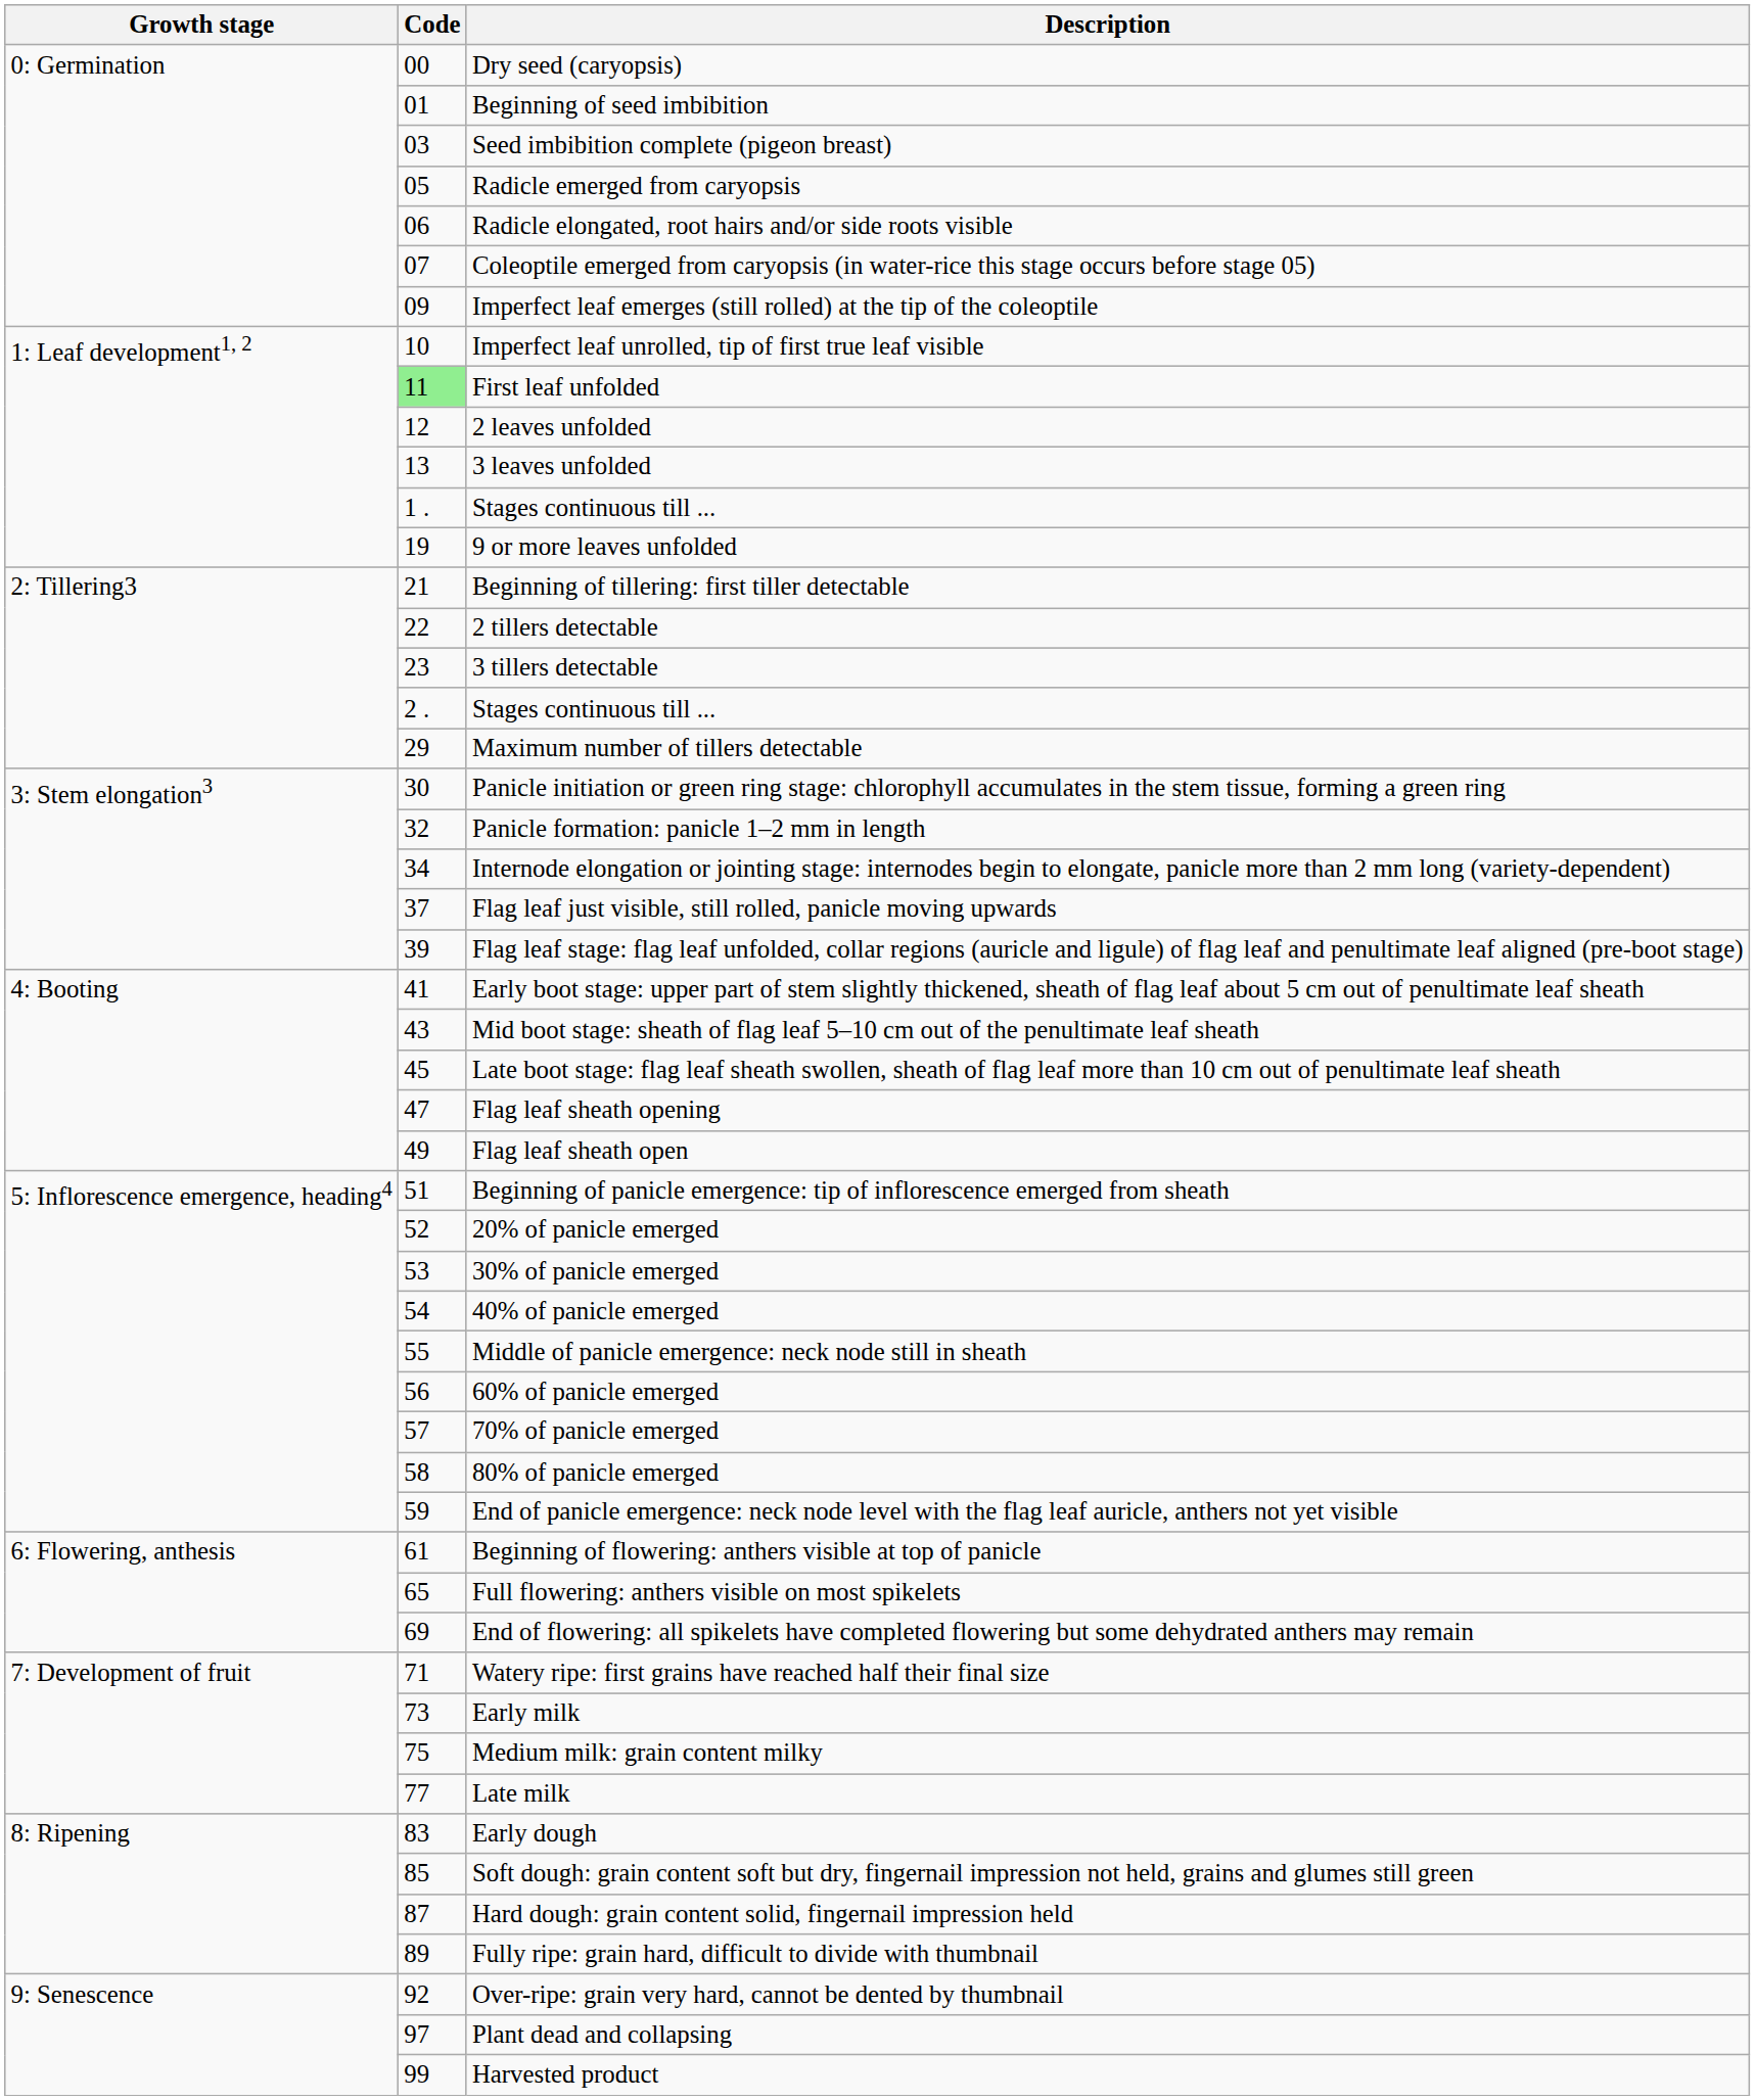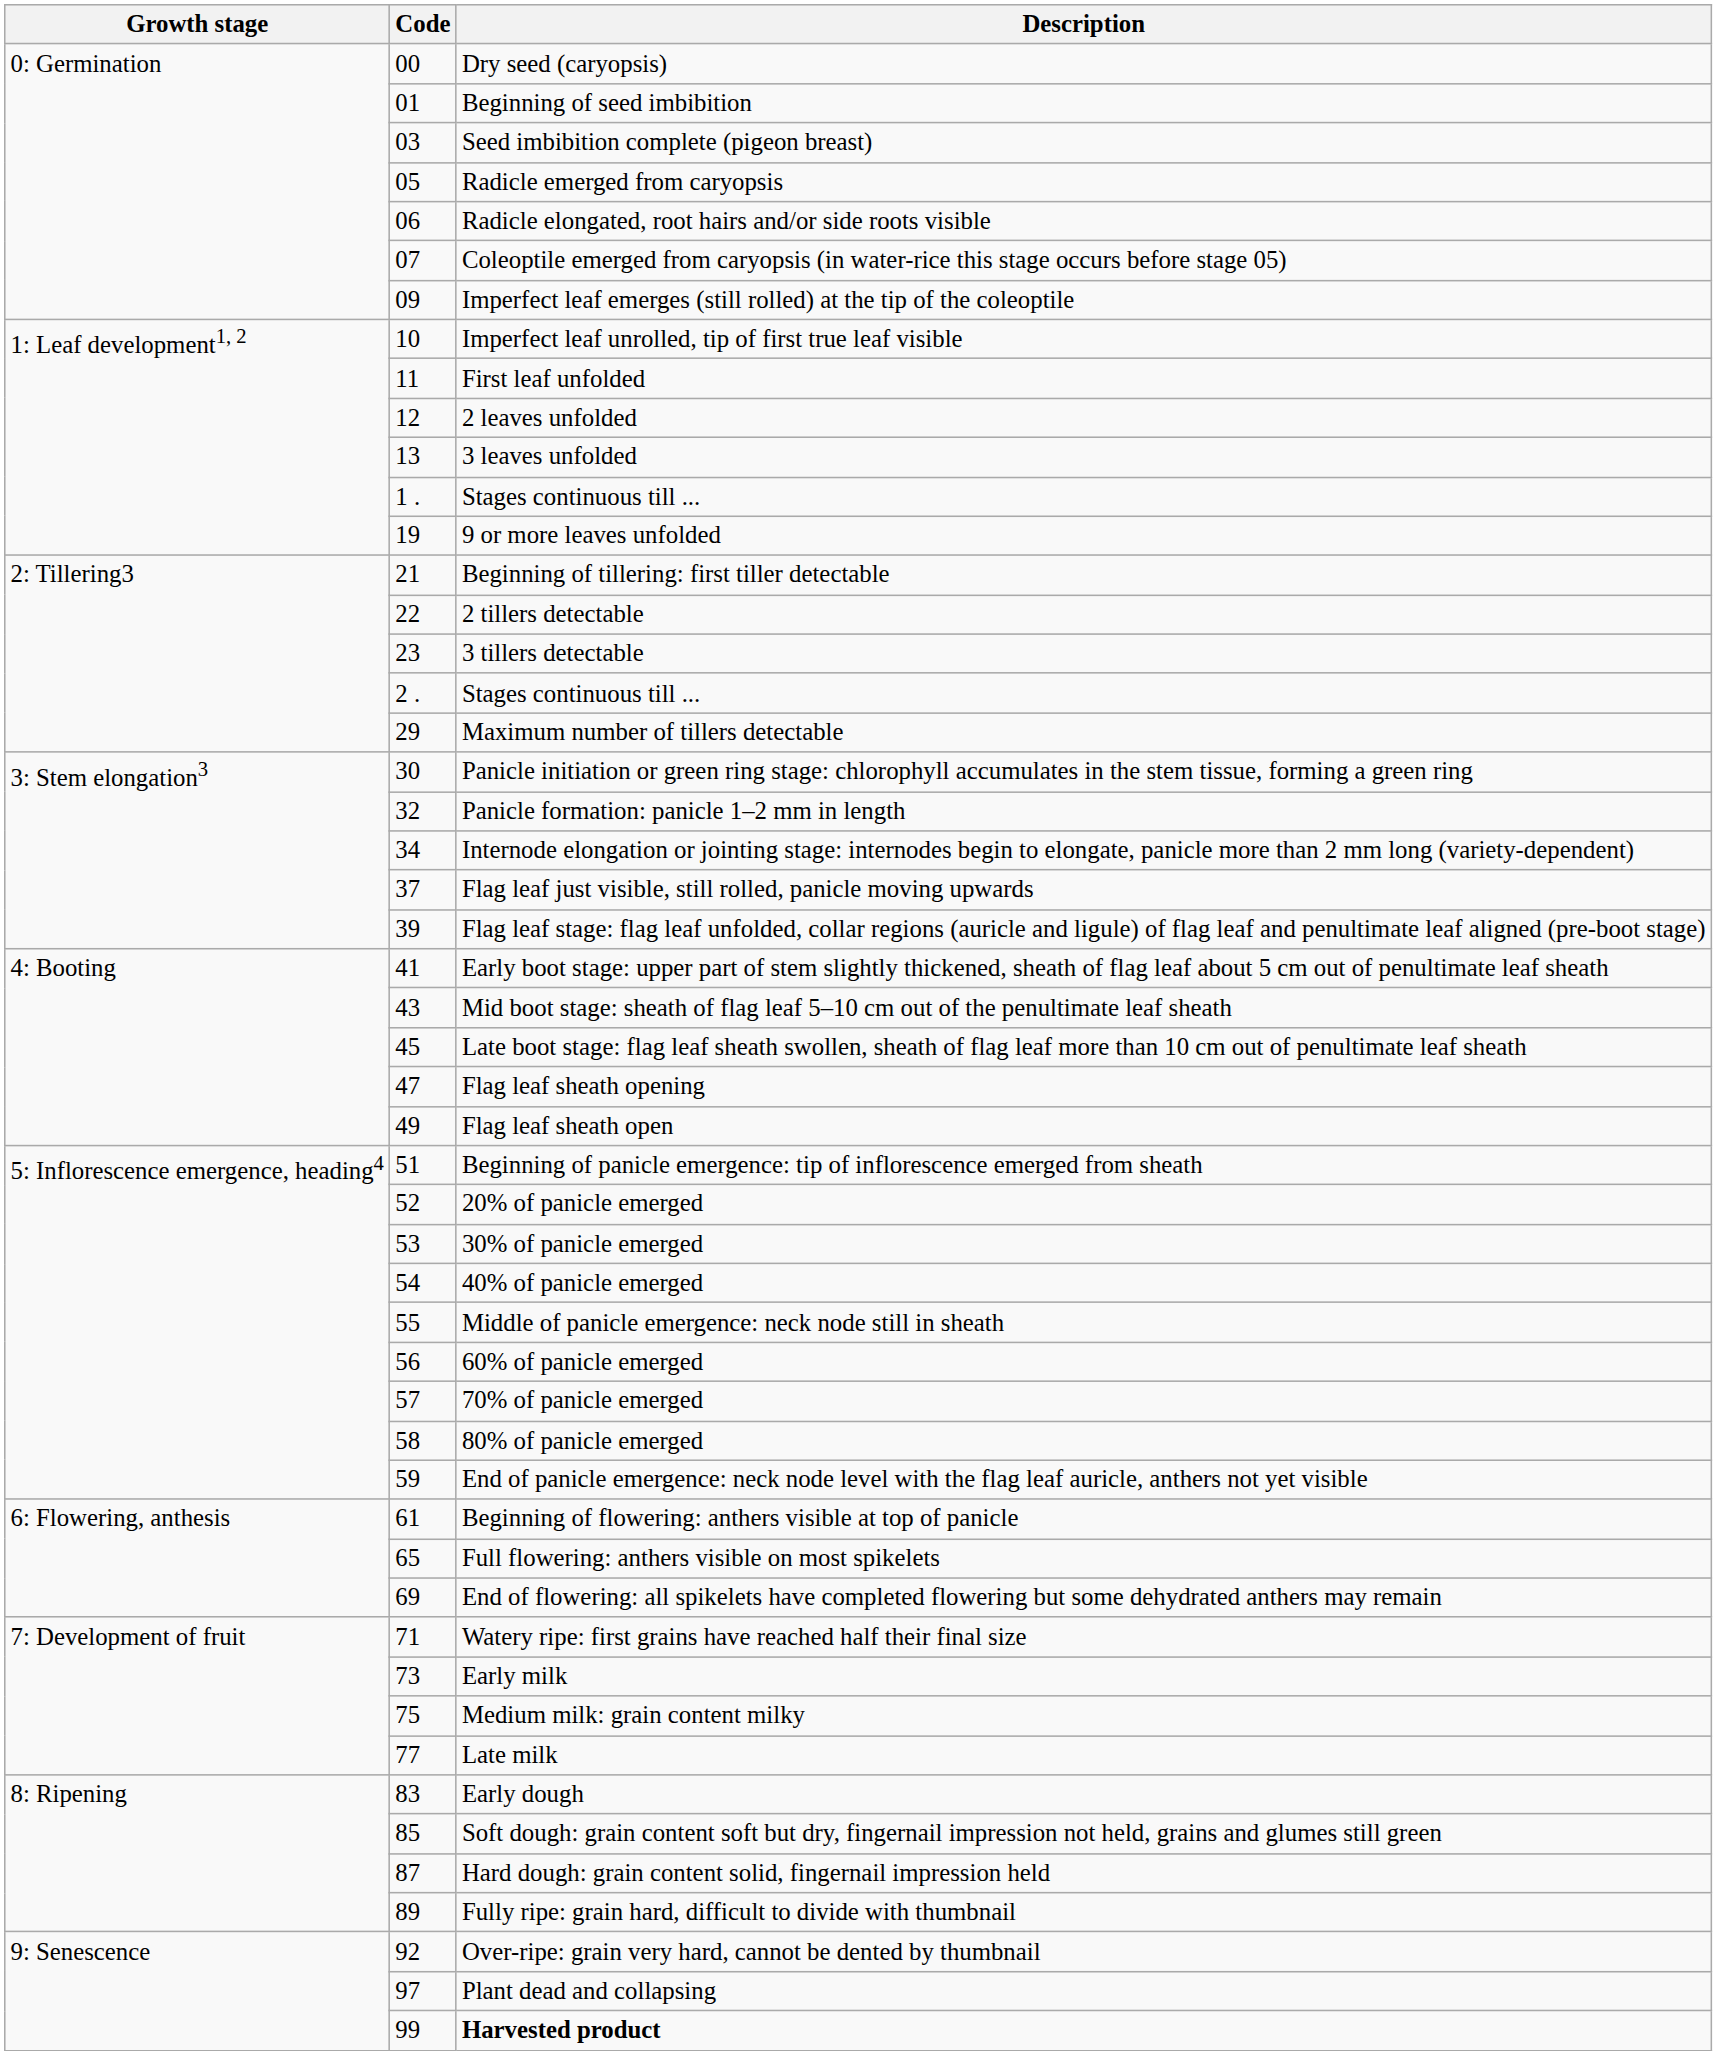 <table class="wikitable" style="clear">
 <tr>
 <th>Growth stage</th>
 <th>Code</th>
 <th>Description</th>
 </tr>
 <tr>
 <td rowspan="7" style="vertical-align:top">0: Germination</td>
 <td>00</td>
 <td>Dry seed (caryopsis)</td>
 </tr>
 <tr>
 <td>01</td>
 <td>Beginning of seed imbibition</td>
 </tr>
 <tr>
 <td>03</td>
 <td>Seed imbibition complete (pigeon breast)</td>
 </tr>
 <tr>
 <td>05</td>
 <td>Radicle emerged from caryopsis</td>
 </tr>
 <tr>
 <td>06</td>
 <td>Radicle elongated, root hairs and/or side roots visible</td>
 </tr>
 <tr>
 <td>07</td>
 <td>Coleoptile emerged from caryopsis (in water-rice this stage occurs before stage 05)</td>
 </tr>
 <tr>
 <td>09</td>
 <td>Imperfect leaf emerges (still rolled) at the tip of the coleoptile</td>
 </tr>
 <tr>
 <td rowspan="6" style="vertical-align:top">1: Leaf development<sup>1, 2</sup></td>
 <td>10</td>
 <td>Imperfect leaf unrolled, tip of first true leaf visible</td>
 </tr>
 <tr>
-<td style="background: lightgreen;">11</td>
+<td>11</td>
 <td>First leaf unfolded</td>
 </tr>
 <tr>
 <td>12</td>
 <td>2 leaves unfolded</td>
 </tr>
 <tr>
 <td>13</td>
 <td>3 leaves unfolded</td>
 </tr>
 <tr>
 <td>1 .</td>
 <td>Stages continuous till ...</td>
 </tr>
 <tr>
 <td>19</td>
 <td>9 or more leaves unfolded</td>
 </tr>
 <tr>
 <td rowspan="5" style="vertical-align:top">2: Tillering3</td>
 <td>21</td>
 <td>Beginning of tillering: first tiller detectable</td>
 </tr>
 <tr>
 <td>22</td>
 <td>2 tillers detectable</td>
 </tr>
 <tr>
 <td>23</td>
 <td>3 tillers detectable</td>
 </tr>
 <tr>
 <td>2 .</td>
 <td>Stages continuous till ...</td>
 </tr>
 <tr>
 <td>29</td>
 <td>Maximum number of tillers detectable</td>
 </tr>
 <tr>
 <td rowspan="5" style="vertical-align:top">3: Stem elongation<sup>3</sup></td>
 <td>30</td>
 <td>Panicle initiation or green ring stage: chlorophyll accumulates in the stem tissue, forming a green ring</td>
 </tr>
 <tr>
 <td>32</td>
 <td>Panicle formation: panicle 1–2 mm in length</td>
 </tr>
 <tr>
 <td>34</td>
 <td>Internode elongation or jointing stage: internodes begin to elongate, panicle more than 2 mm long (variety-dependent)</td>
 </tr>
 <tr>
 <td>37</td>
 <td>Flag leaf just visible, still rolled, panicle moving upwards</td>
 </tr>
 <tr>
 <td>39</td>
 <td>Flag leaf stage: flag leaf unfolded, collar regions (auricle and ligule) of flag leaf and penultimate leaf aligned (pre-boot stage)</td>
 </tr>
 <tr>
 <td rowspan="5" style="vertical-align:top">4: Booting</td>
 <td>41</td>
 <td>Early boot stage: upper part of stem slightly thickened, sheath of flag leaf about 5 cm out of penultimate leaf sheath</td>
 </tr>
 <tr>
 <td>43</td>
 <td>Mid boot stage: sheath of flag leaf 5–10 cm out of the penultimate leaf sheath</td>
 </tr>
 <tr>
 <td>45</td>
 <td>Late boot stage: flag leaf sheath swollen, sheath of flag leaf more than 10 cm out of penultimate leaf sheath</td>
 </tr>
 <tr>
 <td>47</td>
 <td>Flag leaf sheath opening</td>
 </tr>
 <tr>
 <td>49</td>
 <td>Flag leaf sheath open</td>
 </tr>
 <tr>
 <td rowspan="9" style="vertical-align:top">5: Inflorescence emergence, heading<sup>4</sup></td>
 <td>51</td>
 <td>Beginning of panicle emergence: tip of inflorescence emerged from sheath</td>
 </tr>
 <tr>
 <td>52</td>
 <td>20% of panicle emerged</td>
 </tr>
 <tr>
 <td>53</td>
 <td>30% of panicle emerged</td>
 </tr>
 <tr>
 <td>54</td>
 <td>40% of panicle emerged</td>
 </tr>
 <tr>
 <td>55</td>
 <td>Middle of panicle emergence: neck node still in sheath</td>
 </tr>
 <tr>
 <td>56</td>
 <td>60% of panicle emerged</td>
 </tr>
 <tr>
 <td>57</td>
 <td>70% of panicle emerged</td>
 </tr>
 <tr>
 <td>58</td>
 <td>80% of panicle emerged</td>
 </tr>
 <tr>
 <td>59</td>
 <td>End of panicle emergence: neck node level with the flag leaf auricle, anthers not yet visible</td>
 </tr>
 <tr>
 <td rowspan="3" style="vertical-align:top">6: Flowering, anthesis</td>
 <td>61</td>
 <td>Beginning of flowering: anthers visible at top of panicle</td>
 </tr>
 <tr>
 <td>65</td>
 <td>Full flowering: anthers visible on most spikelets</td>
 </tr>
 <tr>
 <td>69</td>
 <td>End of flowering: all spikelets have completed flowering but some dehydrated anthers may remain</td>
 </tr>
 <tr>
 <td rowspan="4" style="vertical-align:top">7: Development of fruit</td>
 <td>71</td>
 <td>Watery ripe: first grains have reached half their final size</td>
 </tr>
 <tr>
 <td>73</td>
 <td>Early milk</td>
 </tr>
 <tr>
 <td>75</td>
 <td>Medium milk: grain content milky</td>
 </tr>
 <tr>
 <td>77</td>
 <td>Late milk</td>
 </tr>
 <tr>
 <td rowspan="4" style="vertical-align:top">8: Ripening</td>
 <td>83</td>
 <td>Early dough</td>
 </tr>
 <tr>
 <td>85</td>
 <td>Soft dough: grain content soft but dry, fingernail impression not held, grains and glumes still green</td>
 </tr>
 <tr>
 <td>87</td>
 <td>Hard dough: grain content solid, fingernail impression held</td>
 </tr>
 <tr>
 <td>89</td>
 <td>Fully ripe: grain hard, difficult to divide with thumbnail</td>
 </tr>
 <tr>
 <td rowspan="3" style="vertical-align:top">9: Senescence</td>
 <td>92</td>
 <td>Over-ripe: grain very hard, cannot be dented by thumbnail</td>
 </tr>
 <tr>
 <td>97</td>
 <td>Plant dead and collapsing</td>
 </tr>
 <tr>
 <td>99</td>
-<td>Harvested product</td>
+<td><strong>Harvested product</strong></td>
 </tr>
 </table>
